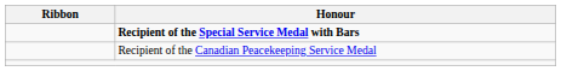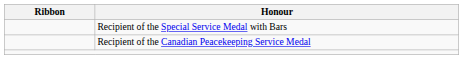 <table class="wikitable" style="width:60%;">
 <tr>
 <th width="20%">Ribbon</th>
 <th width="80%">Honour</th>
 </tr>
 <tr>
 <td valign=top></td>
-<td><strong>Recipient of the <a href='#'>Special Service Medal</a> with Bars<br></strong></td>
+<td>Recipient of the <a href='#'>Special Service Medal</a> with Bars<br></td>
 </tr>
 <tr>
 <td></td>
 <td>Recipient of the <a href='#'>Canadian Peacekeeping Service Medal</a></td>
 </tr>
 <tr>
 <td colspan="3"></td>
 </tr>
 </table>
